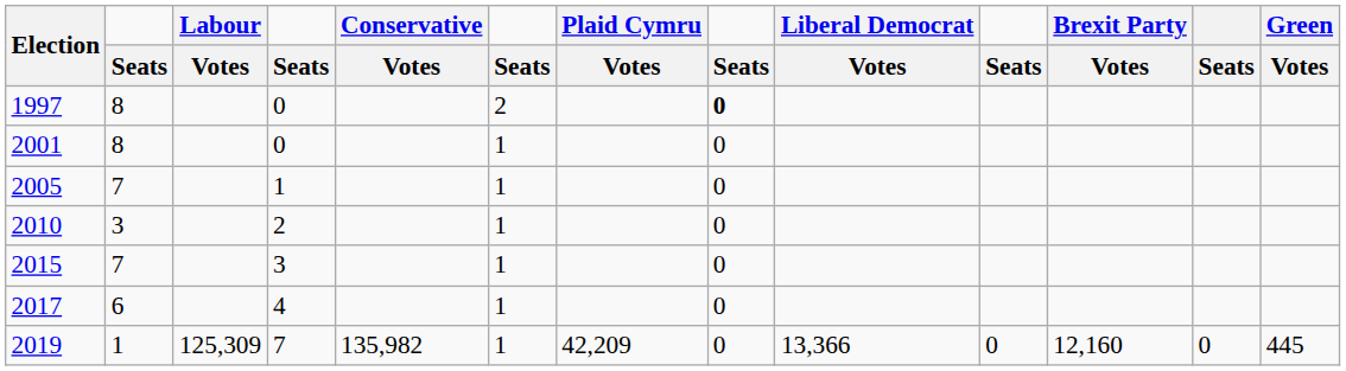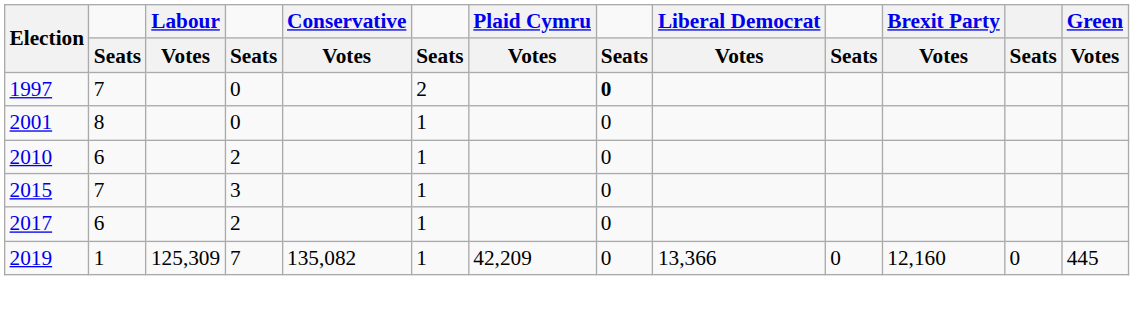 <table class="wikitable">
 <tr>
 <th rowspan="2">Election</th>
 <td> </td>
 <th><a href='#'>Labour</a></th>
 <td> </td>
 <th><a href='#'>Conservative</a></th>
 <td style="background-color: "></td>
 <th><a href='#'>Plaid Cymru</a></th>
 <td></td>
 <th><a href='#'>Liberal Democrat</a></th>
 <td style="background:"></td>
 <th><a href='#'>Brexit Party</a></th>
 <th></th>
 <th><a href='#'>Green</a></th>
 </tr>
 <tr>
 <th>Seats</th>
 <th>Votes</th>
 <th>Seats</th>
 <th>Votes</th>
 <th>Seats</th>
 <th>Votes</th>
 <th>Seats</th>
 <th>Votes</th>
 <th>Seats</th>
 <th>Votes</th>
 <th>Seats</th>
 <th>Votes</th>
 </tr>
 <tr>
 <td><a href='#'>1997</a></td>
-<td>8</td>
+<td>7</td>
 <td></td>
 <td>0</td>
 <td></td>
 <td>2</td>
 <td></td>
 <td><strong>0</strong></td>
 <td></td>
 <td></td>
 <td></td>
 <td></td>
 <td></td>
 </tr>
 <tr>
 <td><a href='#'>2001</a></td>
 <td>8</td>
 <td></td>
 <td>0</td>
 <td></td>
 <td>1</td>
 <td></td>
 <td>0</td>
 <td></td>
 <td></td>
 <td></td>
 <td></td>
 <td></td>
 </tr>
 <tr>
-<td><a href='#'>2005</a></td>
-<td>7</td>
-<td></td>
-<td>1</td>
-<td></td>
-<td>1</td>
-<td></td>
-<td>0</td>
-<td></td>
-<td></td>
-<td></td>
-<td></td>
-<td></td>
-</tr>
-<tr>
 <td><a href='#'>2010</a></td>
-<td>3</td>
+<td>6</td>
 <td></td>
 <td>2</td>
 <td></td>
 <td>1</td>
 <td></td>
 <td>0</td>
 <td></td>
 <td></td>
 <td></td>
 <td></td>
 <td></td>
 </tr>
 <tr>
 <td><a href='#'>2015</a></td>
 <td>7</td>
 <td></td>
 <td>3</td>
 <td></td>
 <td>1</td>
 <td></td>
 <td>0</td>
 <td></td>
 <td></td>
 <td></td>
 <td></td>
 <td></td>
 </tr>
 <tr>
 <td><a href='#'>2017</a></td>
 <td>6</td>
 <td></td>
-<td>4</td>
+<td>2</td>
 <td></td>
 <td>1</td>
 <td></td>
 <td>0</td>
 <td></td>
 <td></td>
 <td></td>
 <td></td>
 <td></td>
 </tr>
 <tr>
 <td><a href='#'>2019</a></td>
 <td>1</td>
 <td>125,309</td>
 <td>7</td>
-<td>135,982</td>
+<td>135,082</td>
 <td>1</td>
 <td>42,209</td>
 <td>0</td>
 <td>13,366</td>
 <td>0</td>
 <td>12,160</td>
 <td>0</td>
 <td>445</td>
 </tr>
 </table>
